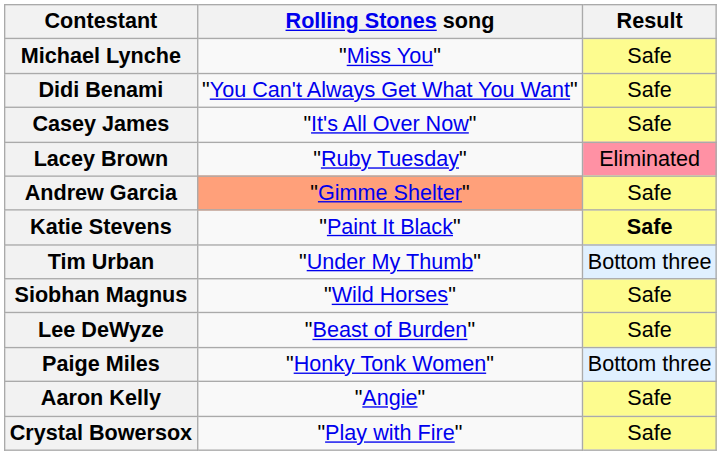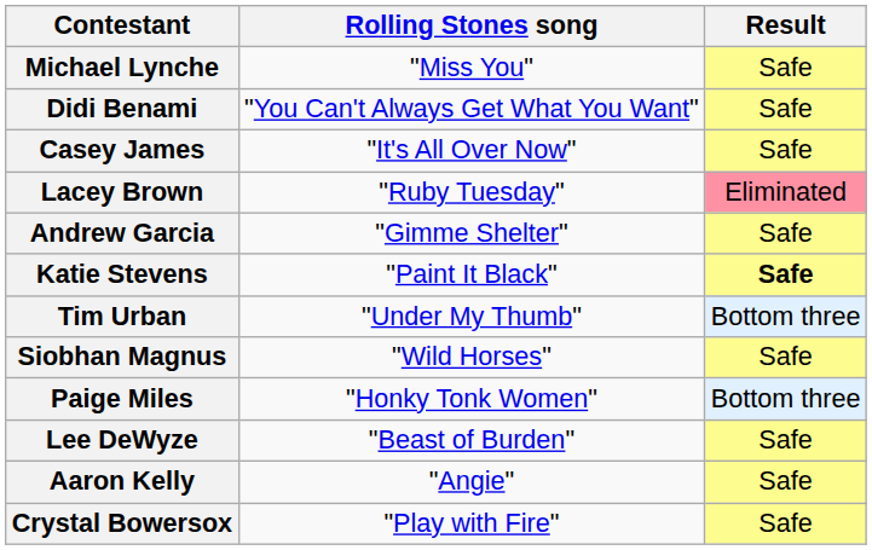 <table class="wikitable unsortable" style="text-align:center;">
 <tr>
 <th scope="col">Contestant</th>
 <th scope="col"><a href='#'>Rolling Stones</a> song</th>
 <th scope="col">Result</th>
 </tr>
 <tr>
 <th scope="row">Michael Lynche</th>
 <td>"<a href='#'>Miss You</a>"</td>
 <td style="background:#FDFC8F">Safe</td>
 </tr>
 <tr>
 <th scope="row">Didi Benami</th>
 <td>"<a href='#'>You Can't Always Get What You Want</a>"</td>
 <td style="background:#FDFC8F">Safe</td>
 </tr>
 <tr>
 <th scope="row">Casey James</th>
 <td>"<a href='#'>It's All Over Now</a>"</td>
 <td style="background:#FDFC8F">Safe</td>
 </tr>
 <tr>
 <th scope="row">Lacey Brown</th>
 <td>"<a href='#'>Ruby Tuesday</a>"</td>
 <td bgcolor="FF91A4">Eliminated</td>
 </tr>
 <tr>
 <th scope="row">Andrew Garcia</th>
-<td style="background: lightsalmon;">"<a href='#'>Gimme Shelter</a>"</td>
+<td>"<a href='#'>Gimme Shelter</a>"</td>
 <td style="background:#FDFC8F">Safe</td>
 </tr>
 <tr>
 <th scope="row">Katie Stevens</th>
 <td>"<a href='#'>Paint It Black</a>"</td>
 <td style="background:#FDFC8F"><strong>Safe</strong></td>
 </tr>
 <tr>
 <th scope="row">Tim Urban</th>
 <td>"<a href='#'>Under My Thumb</a>"</td>
 <td bgcolor="E0F0FF">Bottom three</td>
 </tr>
 <tr>
 <th scope="row">Siobhan Magnus</th>
 <td>"<a href='#'>Wild Horses</a>"</td>
 <td style="background:#FDFC8F">Safe</td>
 </tr>
 <tr>
+<th scope="row">Paige Miles</th>
+<td>"<a href='#'>Honky Tonk Women</a>"</td>
+<td bgcolor="E0F0FF">Bottom three</td>
+</tr>
+<tr>
 <th scope="row">Lee DeWyze</th>
 <td>"<a href='#'>Beast of Burden</a>"</td>
 <td style="background:#FDFC8F">Safe</td>
-</tr>
-<tr>
-<th scope="row">Paige Miles</th>
-<td>"<a href='#'>Honky Tonk Women</a>"</td>
-<td bgcolor="E0F0FF">Bottom three</td>
 </tr>
 <tr>
 <th scope="row">Aaron Kelly</th>
 <td>"<a href='#'>Angie</a>"</td>
 <td style="background:#FDFC8F">Safe</td>
 </tr>
 <tr>
 <th scope="row">Crystal Bowersox</th>
 <td>"<a href='#'>Play with Fire</a>"</td>
 <td style="background:#FDFC8F">Safe</td>
 </tr>
 </table>
